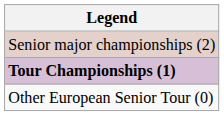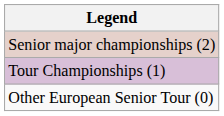 <table class="wikitable" style="font-size:95%;">
 <tr>
 <th>Legend</th>
 </tr>
 <tr style="background:#e5d1cb;">
 <td>Senior major championships (2)</td>
 </tr>
 <tr style="background:thistle;">
-<td><strong>Tour Championships (1)</strong></td>
+<td>Tour Championships (1)</td>
 </tr>
 <tr>
 <td>Other European Senior Tour (0)</td>
 </tr>
 </table>
